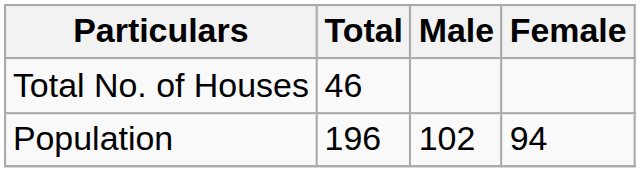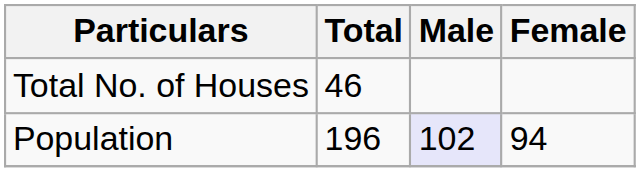 <table class="wikitable sortable">
 <tr>
 <th>Particulars</th>
 <th>Total</th>
 <th>Male</th>
 <th>Female</th>
 </tr>
 <tr>
 <td>Total No. of Houses</td>
 <td>46</td>
 <td></td>
 <td></td>
 </tr>
 <tr>
 <td>Population</td>
 <td>196</td>
-<td>102</td>
+<td style="background: lavender;">102</td>
 <td>94</td>
 </tr>
 <tr>
 </tr>
 </table>
